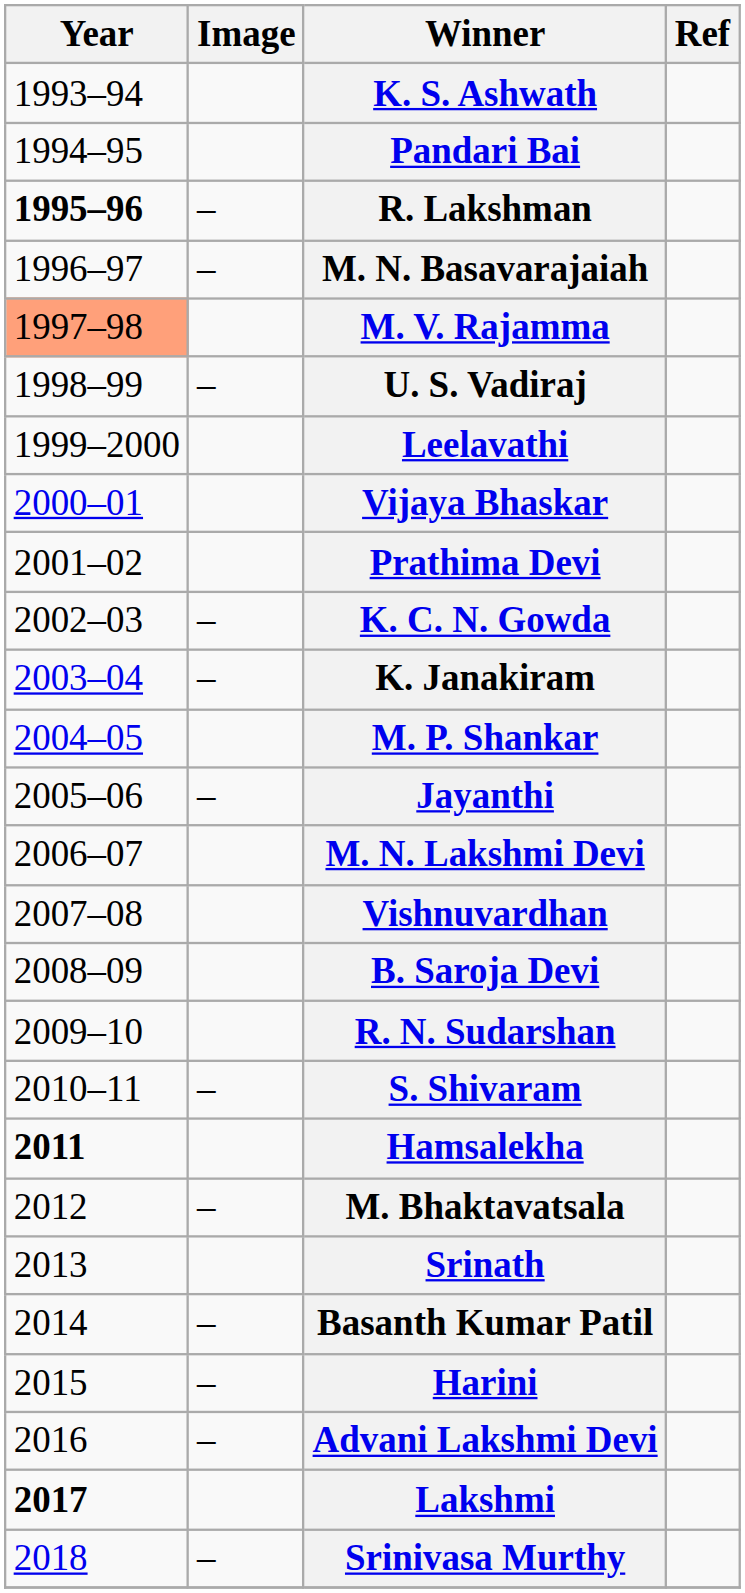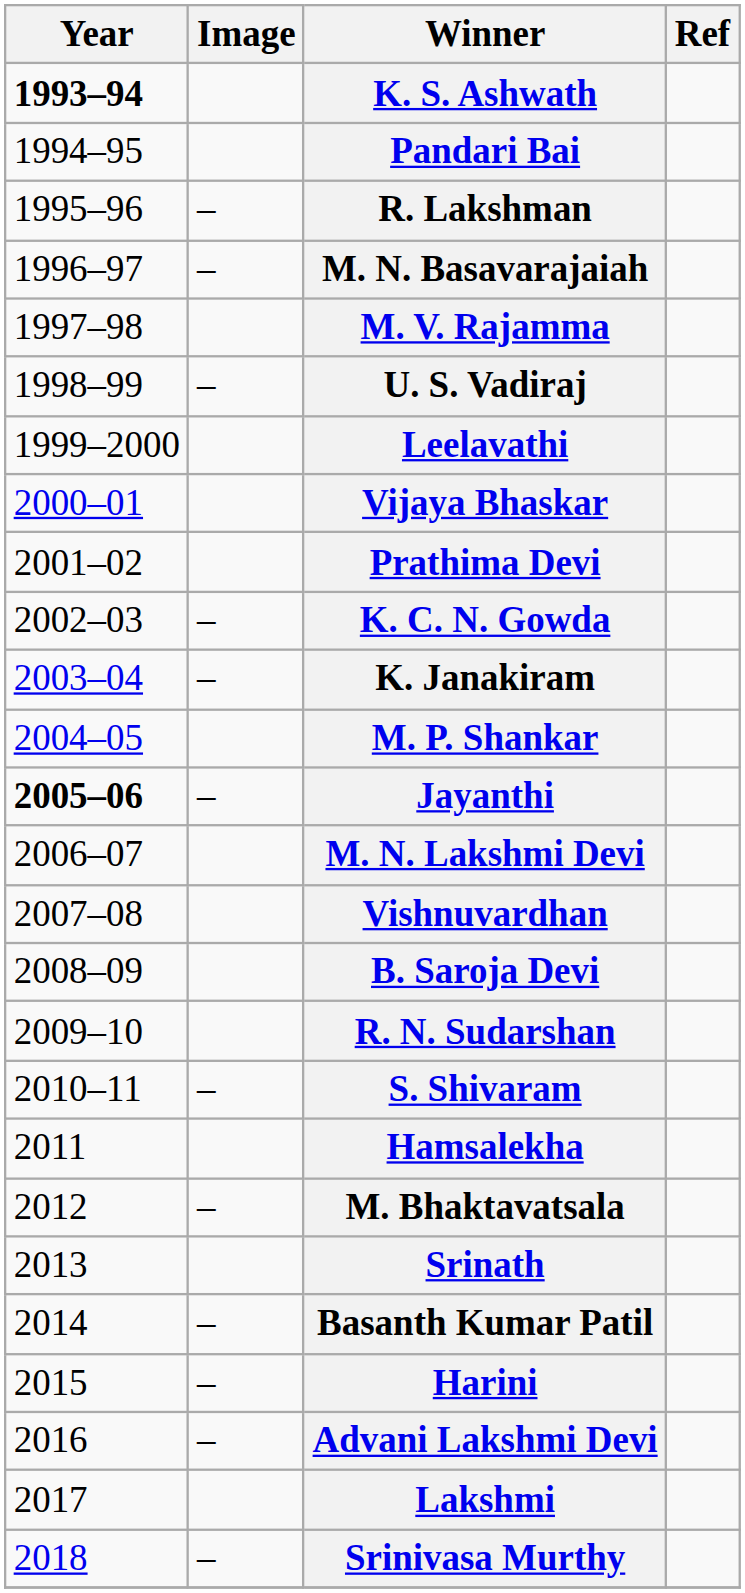 <table class="wikitable">
 <tr>
 <th>Year</th>
 <th>Image</th>
 <th>Winner</th>
 <th>Ref</th>
 </tr>
 <tr>
-<td>1993–94</td>
+<td><strong>1993–94</strong></td>
 <td></td>
 <th scope="row"><a href='#'>K. S. Ashwath</a></th>
 <td></td>
 </tr>
 <tr>
 <td>1994–95</td>
 <td></td>
 <th scope="row"><a href='#'>Pandari Bai</a></th>
 <td></td>
 </tr>
 <tr>
-<td><strong>1995–96</strong></td>
+<td>1995–96</td>
 <td>–</td>
 <th scope="row">R. Lakshman</th>
 <td></td>
 </tr>
 <tr>
 <td>1996–97</td>
 <td>–</td>
 <th scope="row">M. N. Basavarajaiah</th>
 <td></td>
 </tr>
 <tr>
-<td style="background: lightsalmon;">1997–98</td>
+<td>1997–98</td>
 <td></td>
 <th scope="row"><a href='#'>M. V. Rajamma</a></th>
 <td></td>
 </tr>
 <tr>
 <td>1998–99</td>
 <td>–</td>
 <th scope="row">U. S. Vadiraj</th>
 <td></td>
 </tr>
 <tr>
 <td>1999–2000</td>
 <td></td>
 <th scope="row"><a href='#'>Leelavathi</a></th>
 <td></td>
 </tr>
 <tr>
 <td><a href='#'>2000–01</a></td>
 <td></td>
 <th scope="row"><a href='#'>Vijaya Bhaskar</a></th>
 <td></td>
 </tr>
 <tr>
 <td>2001–02</td>
 <td></td>
 <th scope="row"><a href='#'>Prathima Devi</a></th>
 <td></td>
 </tr>
 <tr>
 <td>2002–03</td>
 <td>–</td>
 <th scope="row"><a href='#'>K. C. N. Gowda</a></th>
 <td></td>
 </tr>
 <tr>
 <td><a href='#'>2003–04</a></td>
 <td>–</td>
 <th scope="row">K. Janakiram</th>
 <td></td>
 </tr>
 <tr>
 <td><a href='#'>2004–05</a></td>
 <td></td>
 <th scope="row"><a href='#'>M. P. Shankar</a></th>
 <td></td>
 </tr>
 <tr>
-<td>2005–06</td>
+<td><strong>2005–06</strong></td>
 <td>–</td>
 <th scope="row"><a href='#'>Jayanthi</a></th>
 <td></td>
 </tr>
 <tr>
 <td>2006–07</td>
 <td></td>
 <th scope="row"><a href='#'>M. N. Lakshmi Devi</a></th>
 <td></td>
 </tr>
 <tr>
 <td>2007–08</td>
 <td></td>
 <th scope="row"><a href='#'>Vishnuvardhan</a></th>
 <td></td>
 </tr>
 <tr>
 <td>2008–09</td>
 <td></td>
 <th scope="row"><a href='#'>B. Saroja Devi</a></th>
 <td></td>
 </tr>
 <tr>
 <td>2009–10</td>
 <td></td>
 <th scope="row"><a href='#'>R. N. Sudarshan</a></th>
 <td></td>
 </tr>
 <tr>
 <td>2010–11</td>
 <td>–</td>
 <th scope="row"><a href='#'>S. Shivaram</a></th>
 <td></td>
 </tr>
 <tr>
-<td><strong>2011</strong></td>
+<td>2011</td>
 <td></td>
 <th scope="row"><a href='#'>Hamsalekha</a></th>
 <td></td>
 </tr>
 <tr>
 <td>2012</td>
 <td>–</td>
 <th scope="row">M. Bhaktavatsala</th>
 <td></td>
 </tr>
 <tr>
 <td>2013</td>
 <td></td>
 <th scope="row"><a href='#'>Srinath</a></th>
 <td></td>
 </tr>
 <tr>
 <td>2014</td>
 <td>–</td>
 <th scope="row">Basanth Kumar Patil</th>
 <td></td>
 </tr>
 <tr>
 <td>2015</td>
 <td>–</td>
 <th scope="row"><a href='#'>Harini</a></th>
 <td></td>
 </tr>
 <tr>
 <td>2016</td>
 <td>–</td>
 <th scope="row"><a href='#'>Advani Lakshmi Devi</a></th>
 <td></td>
 </tr>
 <tr>
-<td><strong>2017</strong></td>
+<td>2017</td>
 <td></td>
 <th scope="row"><a href='#'>Lakshmi</a></th>
 <td></td>
 </tr>
 <tr>
 <td><a href='#'>2018</a></td>
 <td>–</td>
 <th scope="row"><a href='#'>Srinivasa Murthy</a></th>
 <td></td>
 </tr>
 <tr>
 </tr>
 </table>
